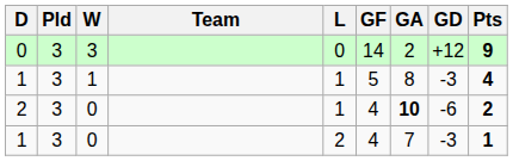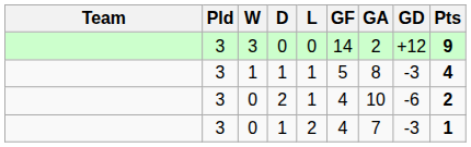 <table class="wikitable" style="text-align: center;">
 <tr>
-<th width="20">D</th>
+<th width="175">Team</th>
 <th width="20">Pld</th>
 <th width="20">W</th>
-<th width="175">Team</th>
+<th width="20">D</th>
 <th width="20">L</th>
 <th width="20">GF</th>
 <th width="20">GA</th>
 <th width="20">GD</th>
 <th width="20">Pts</th>
 </tr>
 <tr bgcolor="#ccffcc">
-<td>0</td>
+<td style="text-align:left;"></td>
 <td>3</td>
 <td>3</td>
-<td style="text-align:left;"></td>
+<td>0</td>
 <td>0</td>
 <td>14</td>
 <td>2</td>
 <td>+12</td>
 <td><strong>9</strong></td>
 </tr>
 <tr align=center>
-<td>1</td>
+<td style="text-align:left;"></td>
 <td>3</td>
 <td>1</td>
-<td style="text-align:left;"></td>
+<td>1</td>
 <td>1</td>
 <td>5</td>
 <td>8</td>
 <td>-3</td>
 <td><strong>4</strong></td>
 </tr>
 <tr align=center>
-<td>2</td>
+<td style="text-align:left;"><em></em></td>
 <td>3</td>
 <td>0</td>
-<td style="text-align:left;"><em></em></td>
+<td>2</td>
 <td>1</td>
 <td>4</td>
-<td><strong>10</strong></td>
+<td>10</td>
 <td>-6</td>
 <td><strong>2</strong></td>
 </tr>
 <tr align=center>
-<td>1</td>
+<td style="text-align:left;"></td>
 <td>3</td>
 <td>0</td>
-<td style="text-align:left;"></td>
+<td>1</td>
 <td>2</td>
 <td>4</td>
 <td>7</td>
 <td>-3</td>
 <td><strong>1</strong></td>
 </tr>
 </table>
